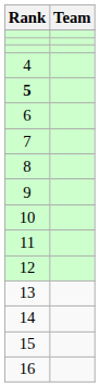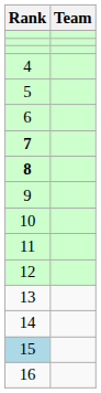 <table class=wikitable style="text-align: center;">
 <tr>
 <th>Rank</th>
 <th>Team</th>
 </tr>
 <tr>
 </tr>
 <tr style="background: #CCFFCC;">
 <td></td>
 <td style="text-align: left;"></td>
 </tr>
 <tr style="background: #CCFFCC;">
 <td></td>
 <td style="text-align: left;"></td>
 </tr>
 <tr style="background: #CCFFCC;">
 <td></td>
 <td style="text-align: left;"></td>
 </tr>
 <tr style="background: #CCFFCC;">
 <td>4</td>
 <td style="text-align: left;"></td>
 </tr>
 <tr style="background: #CCFFCC;">
-<td><strong>5</strong></td>
+<td>5</td>
 <td style="text-align: left;"></td>
 </tr>
 <tr style="background: #CCFFCC;">
 <td>6</td>
 <td style="text-align: left;"></td>
 </tr>
 <tr style="background: #CCFFCC;">
-<td>7</td>
+<td><strong>7</strong></td>
 <td style="text-align: left;"></td>
 </tr>
 <tr style="background: #CCFFCC;">
-<td>8</td>
+<td><strong>8</strong></td>
 <td style="text-align: left;"></td>
 </tr>
 <tr style="background: #CCFFCC;">
 <td>9</td>
 <td style="text-align: left;"></td>
 </tr>
 <tr style="background: #CCFFCC;">
 <td>10</td>
 <td style="text-align: left;"></td>
 </tr>
 <tr style="background: #CCFFCC;">
 <td>11</td>
 <td style="text-align: left;"></td>
 </tr>
 <tr style="background: #CCFFCC;">
 <td>12</td>
 <td style="text-align: left;"></td>
 </tr>
 <tr>
 <td>13</td>
 <td style="text-align: left;"></td>
 </tr>
 <tr>
 <td>14</td>
 <td style="text-align: left;"></td>
 </tr>
 <tr>
-<td>15</td>
+<td style="background: lightblue;">15</td>
 <td style="text-align: left;"></td>
 </tr>
 <tr>
 <td>16</td>
 <td style="text-align: left;"></td>
 </tr>
 </table>
